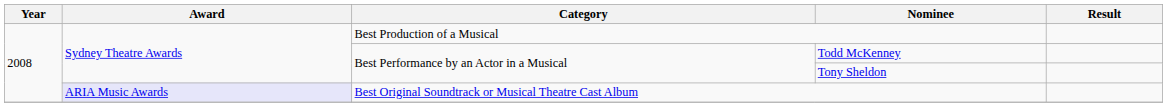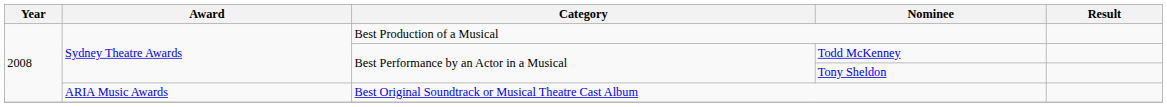 <table class="wikitable" width="95%">
 <tr>
 <th width="5%">Year</th>
 <th width="25%">Award</th>
 <th width="40%">Category</th>
 <th width="20%">Nominee</th>
 <th width="10%">Result</th>
 </tr>
 <tr>
 <td rowspan=4>2008</td>
 <td rowspan=3><a href='#'>Sydney Theatre Awards</a></td>
 <td colspan=2>Best Production of a Musical</td>
 <td></td>
 </tr>
 <tr>
 <td rowspan=2>Best Performance by an Actor in a Musical</td>
 <td><a href='#'>Todd McKenney</a></td>
 <td></td>
 </tr>
 <tr>
 <td><a href='#'>Tony Sheldon</a></td>
 <td></td>
 </tr>
 <tr>
-<td style="background: lavender;"><a href='#'>ARIA Music Awards</a></td>
+<td><a href='#'>ARIA Music Awards</a></td>
 <td colspan=2><a href='#'>Best Original Soundtrack or Musical Theatre Cast Album</a></td>
 <td></td>
 </tr>
 <tr>
 </tr>
 </table>
